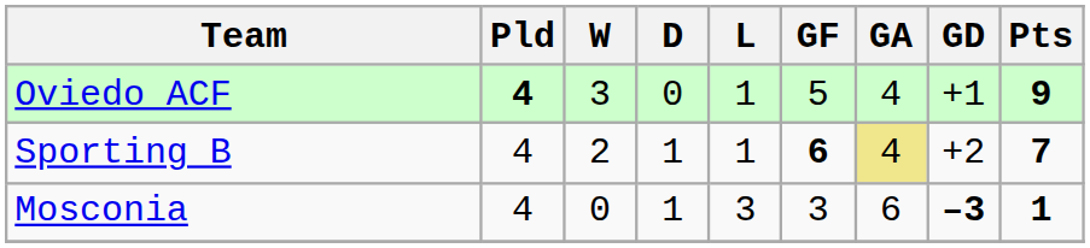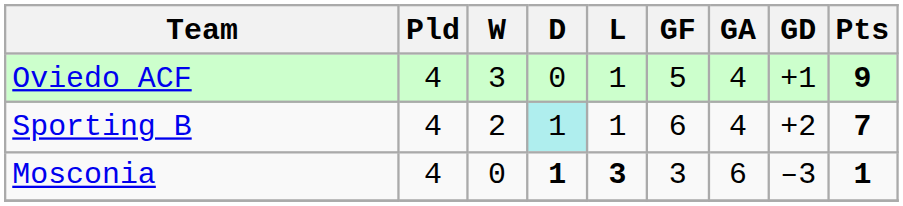 <table class="wikitable" style="text-align: center;">
 <tr>
 <th width=165>Team</th>
 <th width=20>Pld</th>
 <th width=20>W</th>
 <th width=20>D</th>
 <th width=20>L</th>
 <th width=20>GF</th>
 <th width=20>GA</th>
 <th width=20>GD</th>
 <th width=20>Pts</th>
 </tr>
 <tr bgcolor=#ccffcc>
 <td align=left><a href='#'>Oviedo ACF</a></td>
-<td><strong>4</strong></td>
+<td>4</td>
 <td>3</td>
 <td>0</td>
 <td>1</td>
 <td>5</td>
 <td>4</td>
 <td>+1</td>
 <td><strong>9</strong></td>
 </tr>
 <tr>
 <td align=left><a href='#'>Sporting B</a></td>
 <td>4</td>
 <td>2</td>
+<td style="background: paleturquoise;">1</td>
 <td>1</td>
-<td>1</td>
-<td><strong>6</strong></td>
-<td style="background: khaki;">4</td>
+<td>6</td>
+<td>4</td>
 <td>+2</td>
 <td><strong>7</strong></td>
 </tr>
 <tr>
 <td align=left><a href='#'>Mosconia</a></td>
 <td>4</td>
 <td>0</td>
-<td>1</td>
-<td>3</td>
+<td><strong>1</strong></td>
+<td><strong>3</strong></td>
 <td>3</td>
 <td>6</td>
-<td><strong>–3</strong></td>
+<td>–3</td>
 <td><strong>1</strong></td>
 </tr>
 <tr>
 </tr>
 </table>
